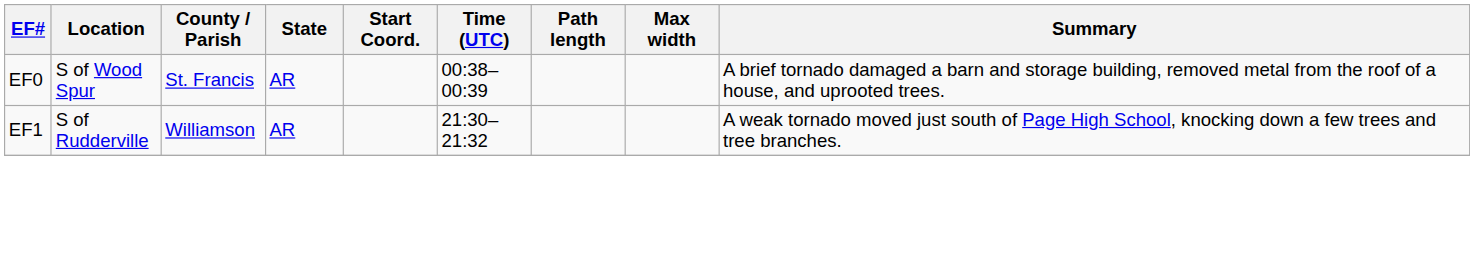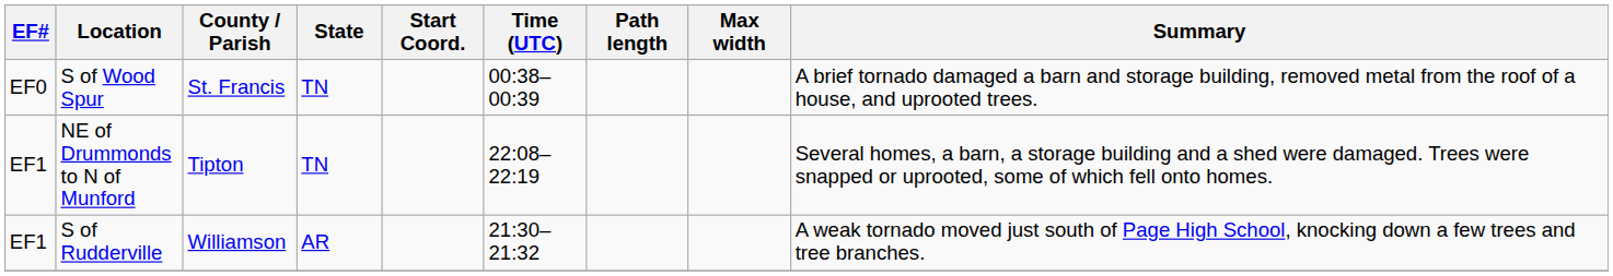 <table class="wikitable sortable" style="width:100%;">
 <tr>
 <th scope="col"  style="width:3%; text-align:center;"><a href='#'>EF#</a></th>
 <th scope="col"  style="width:7%; text-align:center;" class="unsortable">Location</th>
 <th scope="col"  style="width:6%; text-align:center;" class="unsortable">County / Parish</th>
 <th scope="col"  style="width:5%; text-align:center;">State</th>
 <th scope="col"  style="width:6%; text-align:center;">Start Coord.</th>
 <th scope="col"  style="width:6%; text-align:center;">Time (<a href='#'>UTC</a>)</th>
 <th scope="col"  style="width:6%; text-align:center;">Path length</th>
 <th scope="col"  style="width:6%; text-align:center;">Max width</th>
 <th scope="col" class="unsortable" style="width:48%; text-align:center;">Summary</th>
 </tr>
 <tr>
 <td>EF0</td>
 <td>S of <a href='#'>Wood Spur</a></td>
 <td><a href='#'>St. Francis</a></td>
-<td><a href='#'>AR</a></td>
+<td><a href='#'>TN</a></td>
 <td></td>
 <td>00:38–00:39</td>
 <td></td>
 <td></td>
 <td>A brief tornado damaged a barn and storage building, removed metal from the roof of a house, and uprooted trees.</td>
+</tr>
+<tr>
+<td>EF1</td>
+<td>NE of <a href='#'>Drummonds</a> to N of <a href='#'>Munford</a></td>
+<td><a href='#'>Tipton</a></td>
+<td><a href='#'>TN</a></td>
+<td></td>
+<td>22:08–22:19</td>
+<td></td>
+<td></td>
+<td>Several homes, a barn, a storage building and a shed were damaged. Trees were snapped or uprooted, some of which fell onto homes.</td>
 </tr>
 <tr>
 <td>EF1</td>
 <td>S of <a href='#'>Rudderville</a></td>
 <td><a href='#'>Williamson</a></td>
 <td><a href='#'>AR</a></td>
 <td></td>
 <td>21:30–21:32</td>
 <td></td>
 <td></td>
 <td>A weak tornado moved just south of <a href='#'>Page High School</a>, knocking down a few trees and tree branches.</td>
 </tr>
 <tr>
 </tr>
 </table>
